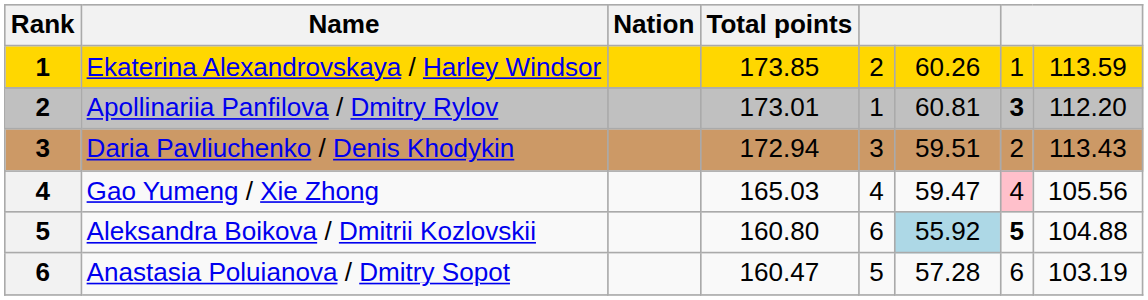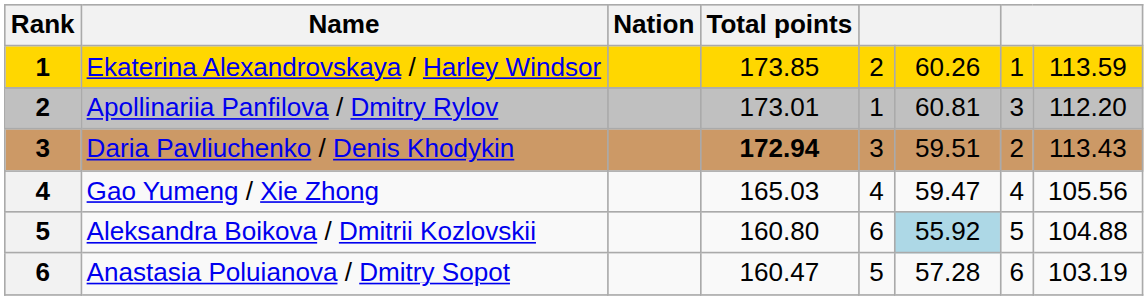 <table class="wikitable sortable">
 <tr>
 <th>Rank</th>
 <th>Name</th>
 <th>Nation</th>
 <th>Total points</th>
 <th colspan="2" width="80px"></th>
 <th colspan="2" width="80px"></th>
 </tr>
 <tr bgcolor="gold">
 <td align="center"><strong>1</strong></td>
 <td><a href='#'>Ekaterina Alexandrovskaya</a> / <a href='#'>Harley Windsor</a></td>
 <td></td>
 <td align="center">173.85</td>
 <td align="center">2</td>
 <td align="center">60.26</td>
 <td align="center">1</td>
 <td align="center">113.59</td>
 </tr>
 <tr bgcolor="silver">
 <td align="center"><strong>2</strong></td>
 <td><a href='#'>Apollinariia Panfilova</a> / <a href='#'>Dmitry Rylov</a></td>
 <td></td>
 <td align="center">173.01</td>
 <td align="center">1</td>
 <td align="center">60.81</td>
-<td align="center"><strong>3</strong></td>
+<td align="center">3</td>
 <td align="center">112.20</td>
 </tr>
 <tr bgcolor="cc9966">
 <td align="center"><strong>3</strong></td>
 <td><a href='#'>Daria Pavliuchenko</a> / <a href='#'>Denis Khodykin</a></td>
 <td></td>
-<td align="center">172.94</td>
+<td align="center"><strong>172.94</strong></td>
 <td align="center">3</td>
 <td align="center">59.51</td>
 <td align="center">2</td>
 <td align="center">113.43</td>
 </tr>
 <tr>
 <th>4</th>
 <td><a href='#'>Gao Yumeng</a> / <a href='#'>Xie Zhong</a></td>
 <td></td>
 <td align="center">165.03</td>
 <td align="center">4</td>
 <td align="center">59.47</td>
-<td align="center" style="background: pink;">4</td>
+<td align="center">4</td>
 <td align="center">105.56</td>
 </tr>
 <tr>
 <th>5</th>
 <td><a href='#'>Aleksandra Boikova</a> / <a href='#'>Dmitrii Kozlovskii</a></td>
 <td></td>
 <td align="center">160.80</td>
 <td align="center">6</td>
 <td align="center" style="background: lightblue;">55.92</td>
-<td align="center"><strong>5</strong></td>
+<td align="center">5</td>
 <td align="center">104.88</td>
 </tr>
 <tr>
 <th>6</th>
 <td><a href='#'>Anastasia Poluianova</a> / <a href='#'>Dmitry Sopot</a></td>
 <td></td>
 <td align="center">160.47</td>
 <td align="center">5</td>
 <td align="center">57.28</td>
 <td align="center">6</td>
 <td align="center">103.19</td>
 </tr>
 </table>
